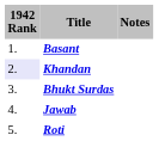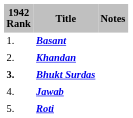 <table cellspacing="0" cellpadding="4" border="0">
 <tr style="background:silver; text-align:center;">
 <td><strong>1942</strong><br><strong>Rank</strong></td>
 <td><strong>Title</strong></td>
 <td><strong>Notes</strong></td>
 </tr>
 <tr>
 <td>1.</td>
 <td><strong><em><a href='#'>Basant</a></em></strong></td>
 <td></td>
 </tr>
 <tr>
-<td style="background: lavender;">2.</td>
+<td>2.</td>
 <td><strong><em><a href='#'>Khandan</a></em></strong></td>
 <td></td>
 </tr>
 <tr>
-<td>3.</td>
+<td><strong>3.</strong></td>
 <td><strong><em><a href='#'>Bhukt Surdas</a></em></strong></td>
 <td></td>
 </tr>
 <tr>
 <td>4.</td>
 <td><strong><em><a href='#'>Jawab</a></em></strong></td>
 <td></td>
 </tr>
 <tr>
 <td>5.</td>
 <td><strong><em><a href='#'>Roti</a></em></strong></td>
 <td></td>
 </tr>
 </table>
